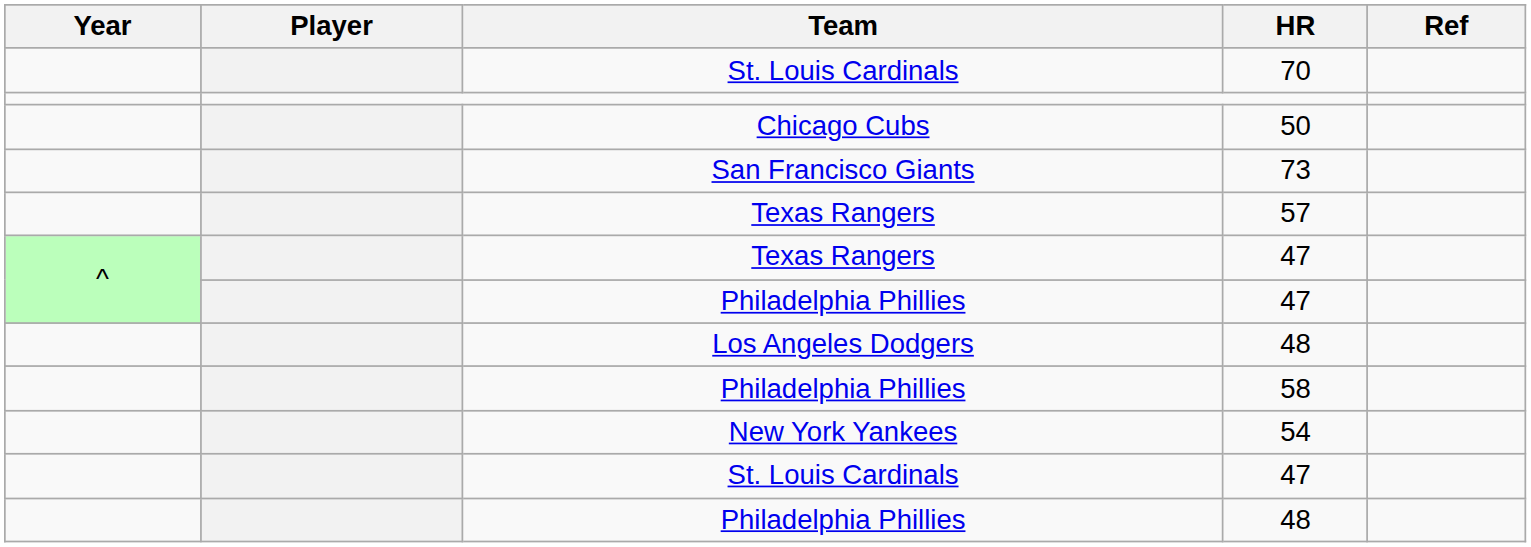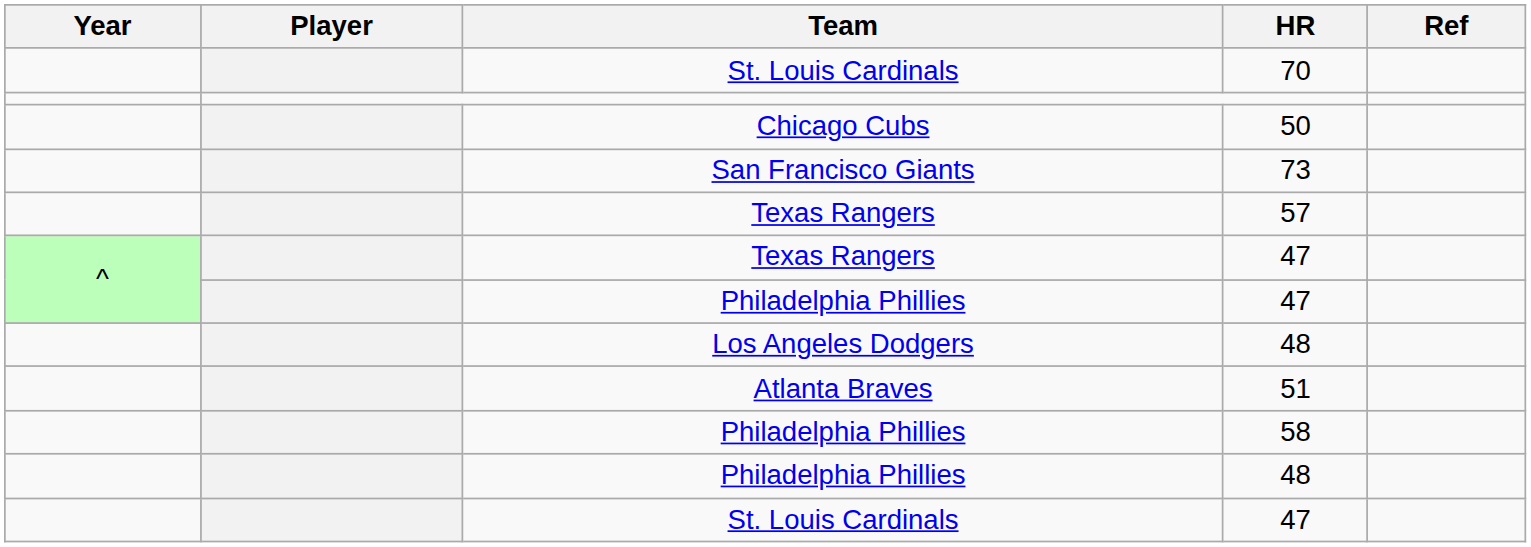 <table class="wikitable sortable plainrowheaders" style="text-align:center;" width="70%">
 <tr>
 <th scope="col">Year</th>
 <th scope="col">Player</th>
 <th scope="col">Team</th>
 <th scope'"col">HR</th>
 <th class=unsortable scope="col">Ref</th>
 </tr>
 <tr>
 <td></td>
 <th scope="row" style="text-align:center"></th>
 <td><a href='#'>St. Louis Cardinals</a></td>
 <td>70</td>
 <td></td>
 </tr>
 <tr>
 <td></td>
 <td colspan="3"></td>
 <td></td>
 </tr>
 <tr>
 <td></td>
 <th scope="row" style="text-align:center"></th>
 <td><a href='#'>Chicago Cubs</a></td>
 <td>50</td>
 <td></td>
 </tr>
 <tr>
 <td></td>
 <th scope="row" style="text-align:center"></th>
 <td><a href='#'>San Francisco Giants</a></td>
 <td>73</td>
 <td></td>
 </tr>
 <tr>
 <td></td>
 <th scope="row" style="text-align:center"></th>
 <td><a href='#'>Texas Rangers</a></td>
 <td>57</td>
 <td></td>
 </tr>
 <tr>
 <td rowspan=2 style="background:#bfb; text-align:center">^</td>
 <th scope="row" style="text-align:center"> </th>
 <td><a href='#'>Texas Rangers</a></td>
 <td>47</td>
 <td></td>
 </tr>
 <tr>
 <th scope="row" style="text-align:center"></th>
 <td><a href='#'>Philadelphia Phillies</a></td>
 <td>47</td>
 <td></td>
 </tr>
 <tr>
 <td></td>
 <th scope="row" style="text-align:center"></th>
 <td><a href='#'>Los Angeles Dodgers</a></td>
 <td>48</td>
 <td></td>
 </tr>
 <tr>
 <td></td>
+<th scope="row" style="text-align:center;"></th>
+<td><a href='#'>Atlanta Braves</a></td>
+<td>51</td>
+<td></td>
+</tr>
+<tr>
+<td></td>
 <th scope="row" style="text-align:center"></th>
 <td><a href='#'>Philadelphia Phillies</a></td>
 <td>58</td>
 <td></td>
 </tr>
 <tr>
 <td></td>
 <th scope="row" style="text-align:center"> </th>
-<td><a href='#'>New York Yankees</a></td>
-<td>54</td>
+<td><a href='#'>Philadelphia Phillies</a></td>
+<td>48</td>
 <td></td>
 </tr>
 <tr>
 <td></td>
 <th scope="row" style="text-align:center"></th>
 <td><a href='#'>St. Louis Cardinals</a></td>
 <td>47</td>
 <td></td>
 </tr>
-<tr>
-<td></td>
-<th scope="row" style="text-align:center"> </th>
-<td><a href='#'>Philadelphia Phillies</a></td>
-<td>48</td>
-<td></td>
-</tr>
 </table>
